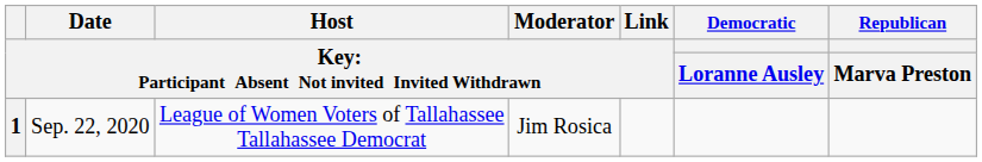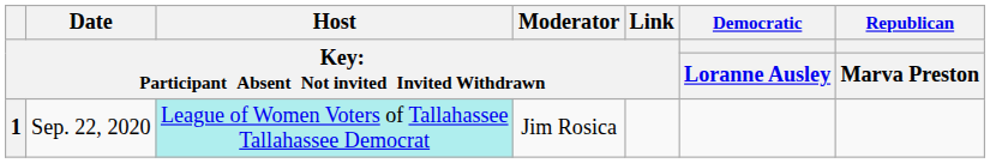 <table class="wikitable" style="text-align:center;">
 <tr>
 <th scope="col"></th>
 <th scope="col">Date</th>
 <th scope="col">Host</th>
 <th scope="col">Moderator</th>
 <th scope="col">Link</th>
 <th scope="col"><small><a href='#'>Democratic</a></small></th>
 <th scope="col"><small><a href='#'>Republican</a></small></th>
 </tr>
 <tr>
 <th colspan="5" rowspan="2">Key:<br> <small>Participant </small>  <small>Absent </small>  <small>Not invited </small>  <small>Invited  Withdrawn</small></th>
 <th scope="col" style="background:"></th>
 <th scope="col" style="background:"></th>
 </tr>
 <tr>
 <th scope="col"><a href='#'>Loranne Ausley</a></th>
 <th scope="col">Marva Preston</th>
 </tr>
 <tr>
 <th>1</th>
 <td style="white-space:nowrap;">Sep. 22, 2020</td>
-<td style="white-space:nowrap;"><a href='#'>League of Women Voters</a> of <a href='#'>Tallahassee</a><br><a href='#'>Tallahassee Democrat</a></td>
+<td style="background: paleturquoise; white-space:nowrap;"><a href='#'>League of Women Voters</a> of <a href='#'>Tallahassee</a><br><a href='#'>Tallahassee Democrat</a></td>
 <td style="white-space:nowrap;">Jim Rosica</td>
 <td style="white-space:nowrap;"></td>
 <td></td>
 <td></td>
 </tr>
 </table>
